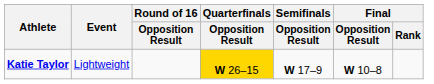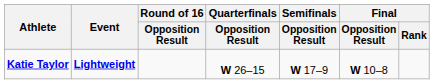 <table class="wikitable" style="font-size:90%">
 <tr>
 <th rowspan=2>Athlete</th>
 <th rowspan=2>Event</th>
 <th>Round of 16</th>
 <th>Quarterfinals</th>
 <th>Semifinals</th>
 <th colspan=2>Final</th>
 </tr>
 <tr style="font-size:95%">
 <th>Opposition<br>Result</th>
 <th>Opposition<br>Result</th>
 <th>Opposition<br>Result</th>
 <th>Opposition<br>Result</th>
 <th>Rank</th>
 </tr>
 <tr align=center>
 <td align=left><strong><a href='#'>Katie Taylor</a></strong></td>
-<td align=left><a href='#'>Lightweight</a></td>
+<td align=left><strong><a href='#'>Lightweight</a></strong></td>
 <td></td>
-<td style="background: gold;"><br><strong>W</strong> 26–15</td>
+<td><br><strong>W</strong> 26–15</td>
 <td><br><strong>W</strong> 17–9</td>
 <td><br><strong>W</strong> 10–8</td>
 <td></td>
 </tr>
 </table>
